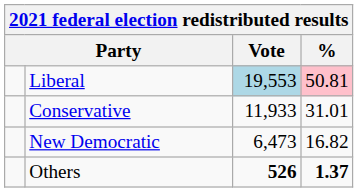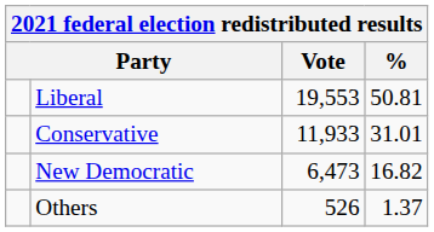 <table class="wikitable">
 <tr>
 <th colspan="4"><a href='#'>2021 federal election</a> redistributed results</th>
 </tr>
 <tr>
 <th bgcolor="#DDDDFF" width="130px" colspan="2">Party</th>
 <th bgcolor="#DDDDFF" width="50px">Vote</th>
 <th bgcolor="#DDDDFF" width="30px">%</th>
 </tr>
 <tr>
 <td> </td>
 <td><a href='#'>Liberal</a></td>
-<td align=right style="background: lightblue;">19,553</td>
-<td align=right style="background: pink;">50.81</td>
+<td align=right>19,553</td>
+<td align=right>50.81</td>
 </tr>
 <tr>
 <td> </td>
 <td><a href='#'>Conservative</a></td>
 <td align=right>11,933</td>
 <td align=right>31.01</td>
 </tr>
 <tr>
 <td> </td>
 <td><a href='#'>New Democratic</a></td>
 <td align=right>6,473</td>
 <td align=right>16.82</td>
 </tr>
 <tr>
 <td> </td>
 <td>Others</td>
-<td align=right><strong>526</strong></td>
-<td align=right><strong>1.37</strong></td>
+<td align=right>526</td>
+<td align=right>1.37</td>
 </tr>
 </table>
